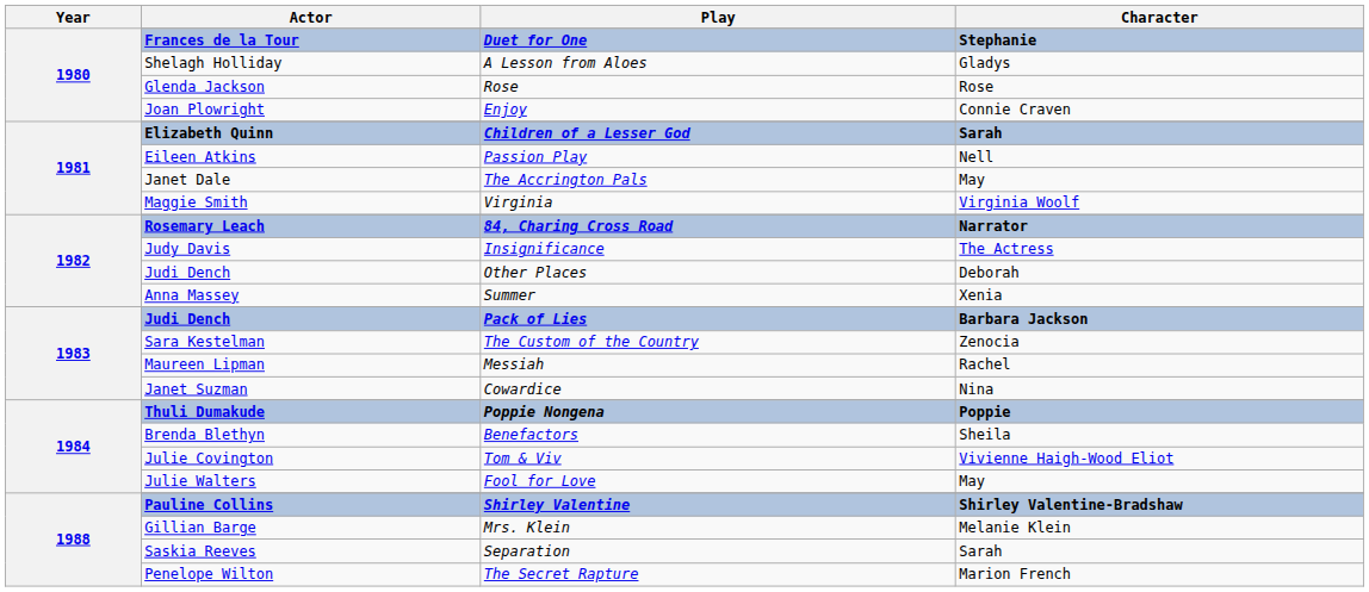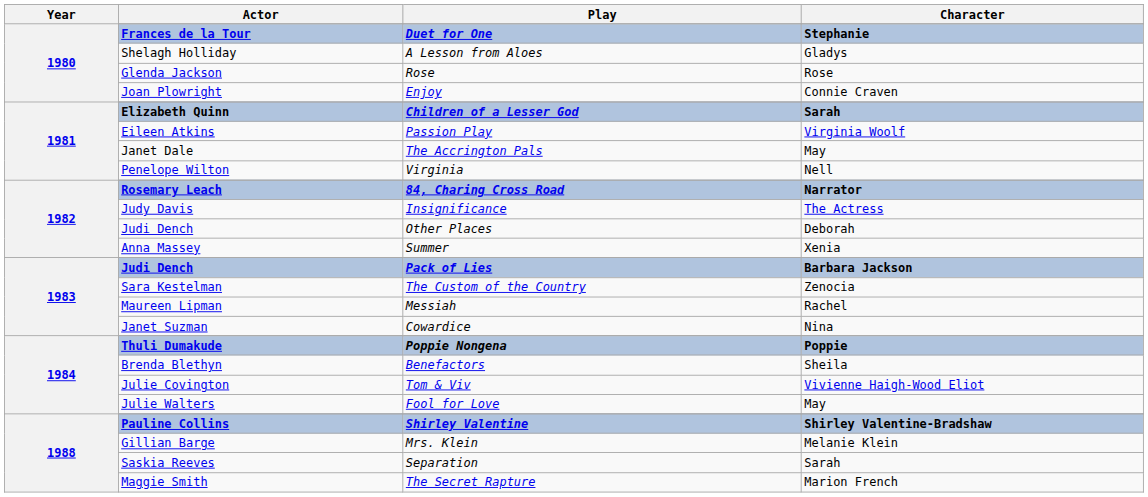 <table class="wikitable" style="width:98%;">
 <tr style="background:#bebebe;">
 <th style="width:10%;">Year</th>
 <th style="width:25%;">Actor</th>
 <th style="width:35%;">Play</th>
 <th style="width:30%;">Character</th>
 </tr>
 <tr>
 <th rowspan="5" align="center"><a href='#'>1980</a></th>
 </tr>
 <tr style="background:#B0C4DE">
 <td><strong><a href='#'>Frances de la Tour</a></strong></td>
 <td><strong><em><a href='#'>Duet for One</a></em></strong></td>
 <td><strong>Stephanie</strong></td>
 </tr>
 <tr>
 <td>Shelagh Holliday</td>
 <td><em>A Lesson from Aloes</em></td>
 <td>Gladys</td>
 </tr>
 <tr>
 <td><a href='#'>Glenda Jackson</a></td>
 <td><em>Rose</em></td>
 <td>Rose</td>
 </tr>
 <tr>
 <td><a href='#'>Joan Plowright</a></td>
 <td><em><a href='#'>Enjoy</a></em></td>
 <td>Connie Craven</td>
 </tr>
 <tr>
 <th rowspan="5" align="center"><a href='#'>1981</a></th>
 </tr>
 <tr style="background:#B0C4DE">
 <td><strong>Elizabeth Quinn</strong></td>
 <td><strong><em><a href='#'>Children of a Lesser God</a></em></strong></td>
 <td><strong>Sarah</strong></td>
 </tr>
 <tr>
 <td><a href='#'>Eileen Atkins</a></td>
 <td><em><a href='#'>Passion Play</a></em></td>
-<td>Nell</td>
+<td><a href='#'>Virginia Woolf</a></td>
 </tr>
 <tr>
 <td>Janet Dale</td>
 <td><em><a href='#'>The Accrington Pals</a></em></td>
 <td>May</td>
 </tr>
 <tr>
-<td><a href='#'>Maggie Smith</a></td>
+<td><a href='#'>Penelope Wilton</a></td>
 <td><em>Virginia</em></td>
-<td><a href='#'>Virginia Woolf</a></td>
+<td>Nell</td>
 </tr>
 <tr>
 <th rowspan="5" align="center"><a href='#'>1982</a></th>
 </tr>
 <tr style="background:#B0C4DE">
 <td><strong><a href='#'>Rosemary Leach</a></strong></td>
 <td><strong><em><a href='#'>84, Charing Cross Road</a></em></strong></td>
 <td><strong>Narrator</strong></td>
 </tr>
 <tr>
 <td><a href='#'>Judy Davis</a></td>
 <td><em><a href='#'>Insignificance</a></em></td>
 <td><a href='#'>The Actress</a></td>
 </tr>
 <tr>
 <td><a href='#'>Judi Dench</a></td>
 <td><em>Other Places</em></td>
 <td>Deborah</td>
 </tr>
 <tr>
 <td><a href='#'>Anna Massey</a></td>
 <td><em>Summer</em></td>
 <td>Xenia</td>
 </tr>
 <tr>
 <th rowspan="5" align="center"><a href='#'>1983</a></th>
 </tr>
 <tr style="background:#B0C4DE">
 <td><strong><a href='#'>Judi Dench</a></strong></td>
 <td><strong><em><a href='#'>Pack of Lies</a></em></strong></td>
 <td><strong>Barbara Jackson</strong></td>
 </tr>
 <tr>
 <td><a href='#'>Sara Kestelman</a></td>
 <td><em><a href='#'>The Custom of the Country</a></em></td>
 <td>Zenocia</td>
 </tr>
 <tr>
 <td><a href='#'>Maureen Lipman</a></td>
 <td><em>Messiah</em></td>
 <td>Rachel</td>
 </tr>
 <tr>
 <td><a href='#'>Janet Suzman</a></td>
 <td><em>Cowardice</em></td>
 <td>Nina</td>
 </tr>
 <tr>
 <th rowspan="5" align="center"><a href='#'>1984</a></th>
 </tr>
 <tr style="background:#B0C4DE">
 <td><strong><a href='#'>Thuli Dumakude</a></strong></td>
 <td><strong><em>Poppie Nongena</em></strong></td>
 <td><strong>Poppie</strong></td>
 </tr>
 <tr>
 <td><a href='#'>Brenda Blethyn</a></td>
 <td><em><a href='#'>Benefactors</a></em></td>
 <td>Sheila</td>
 </tr>
 <tr>
 <td><a href='#'>Julie Covington</a></td>
 <td><em><a href='#'>Tom & Viv</a></em></td>
 <td><a href='#'>Vivienne Haigh-Wood Eliot</a></td>
 </tr>
 <tr>
 <td><a href='#'>Julie Walters</a></td>
 <td><em><a href='#'>Fool for Love</a></em></td>
 <td>May</td>
 </tr>
 <tr>
 <th rowspan="5" align="center"><a href='#'>1988</a></th>
 </tr>
 <tr style="background:#B0C4DE">
 <td><strong><a href='#'>Pauline Collins</a></strong></td>
 <td><strong><em><a href='#'>Shirley Valentine</a></em></strong></td>
 <td><strong>Shirley Valentine-Bradshaw</strong></td>
 </tr>
 <tr>
 <td><a href='#'>Gillian Barge</a></td>
 <td><em>Mrs. Klein</em></td>
 <td>Melanie Klein</td>
 </tr>
 <tr>
 <td><a href='#'>Saskia Reeves</a></td>
 <td><em>Separation</em></td>
 <td>Sarah</td>
 </tr>
 <tr>
-<td><a href='#'>Penelope Wilton</a></td>
+<td><a href='#'>Maggie Smith</a></td>
 <td><em><a href='#'>The Secret Rapture</a></em></td>
 <td>Marion French</td>
 </tr>
 </table>
